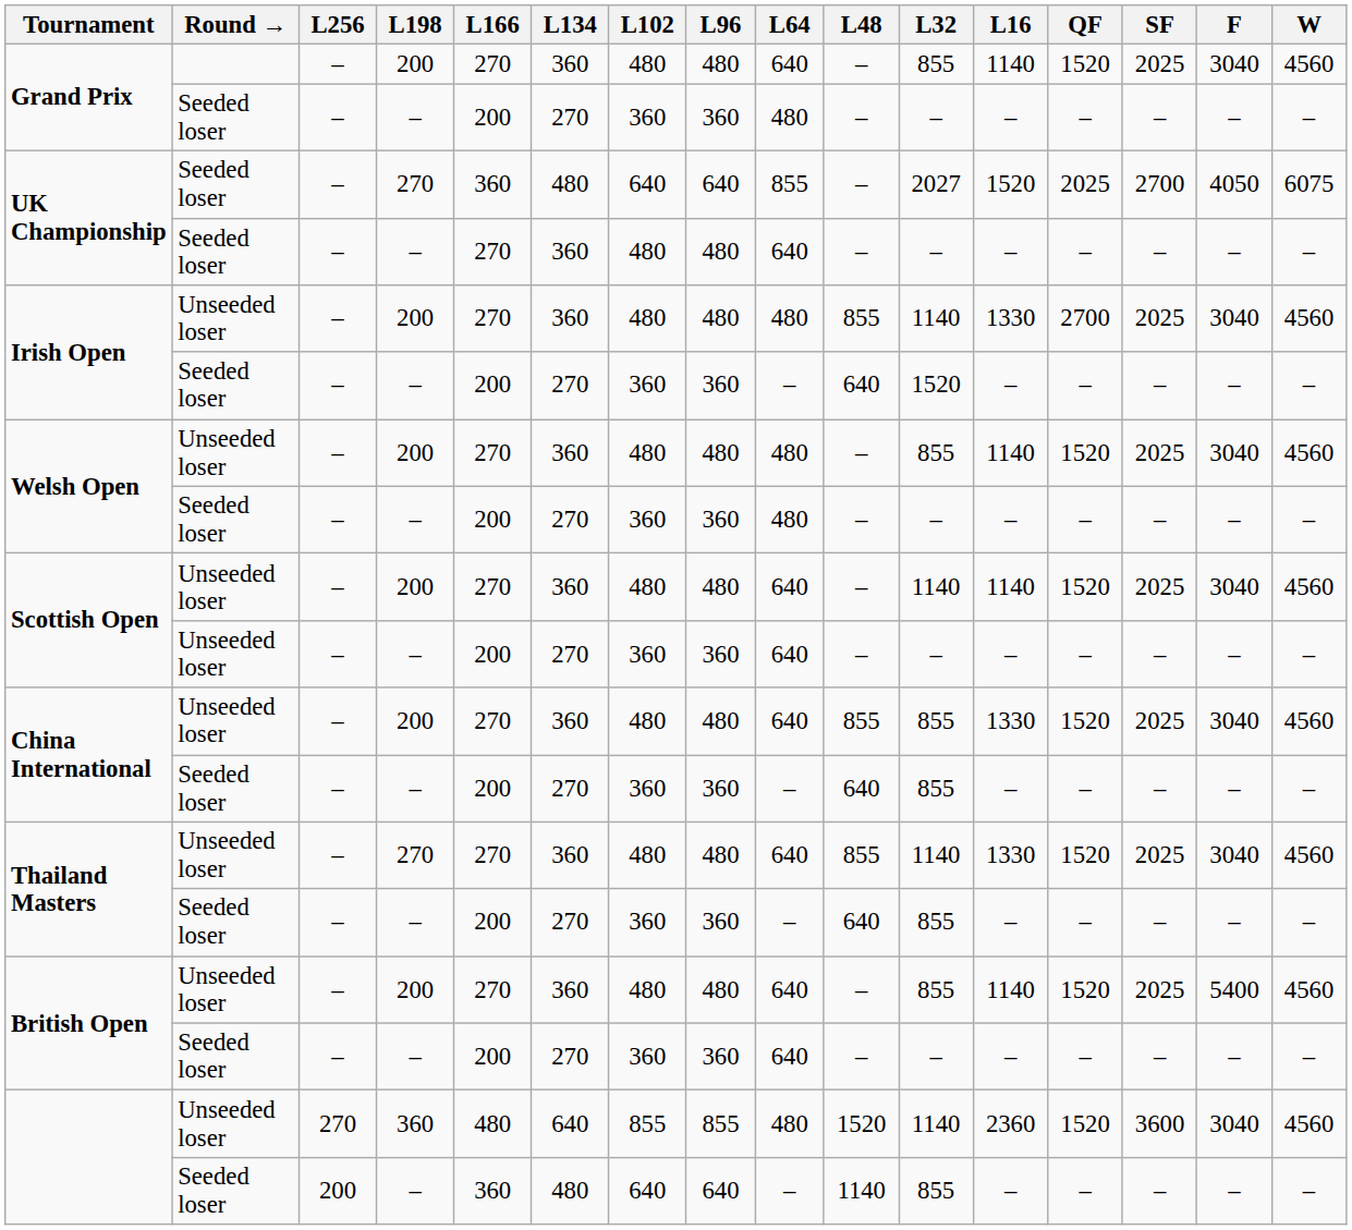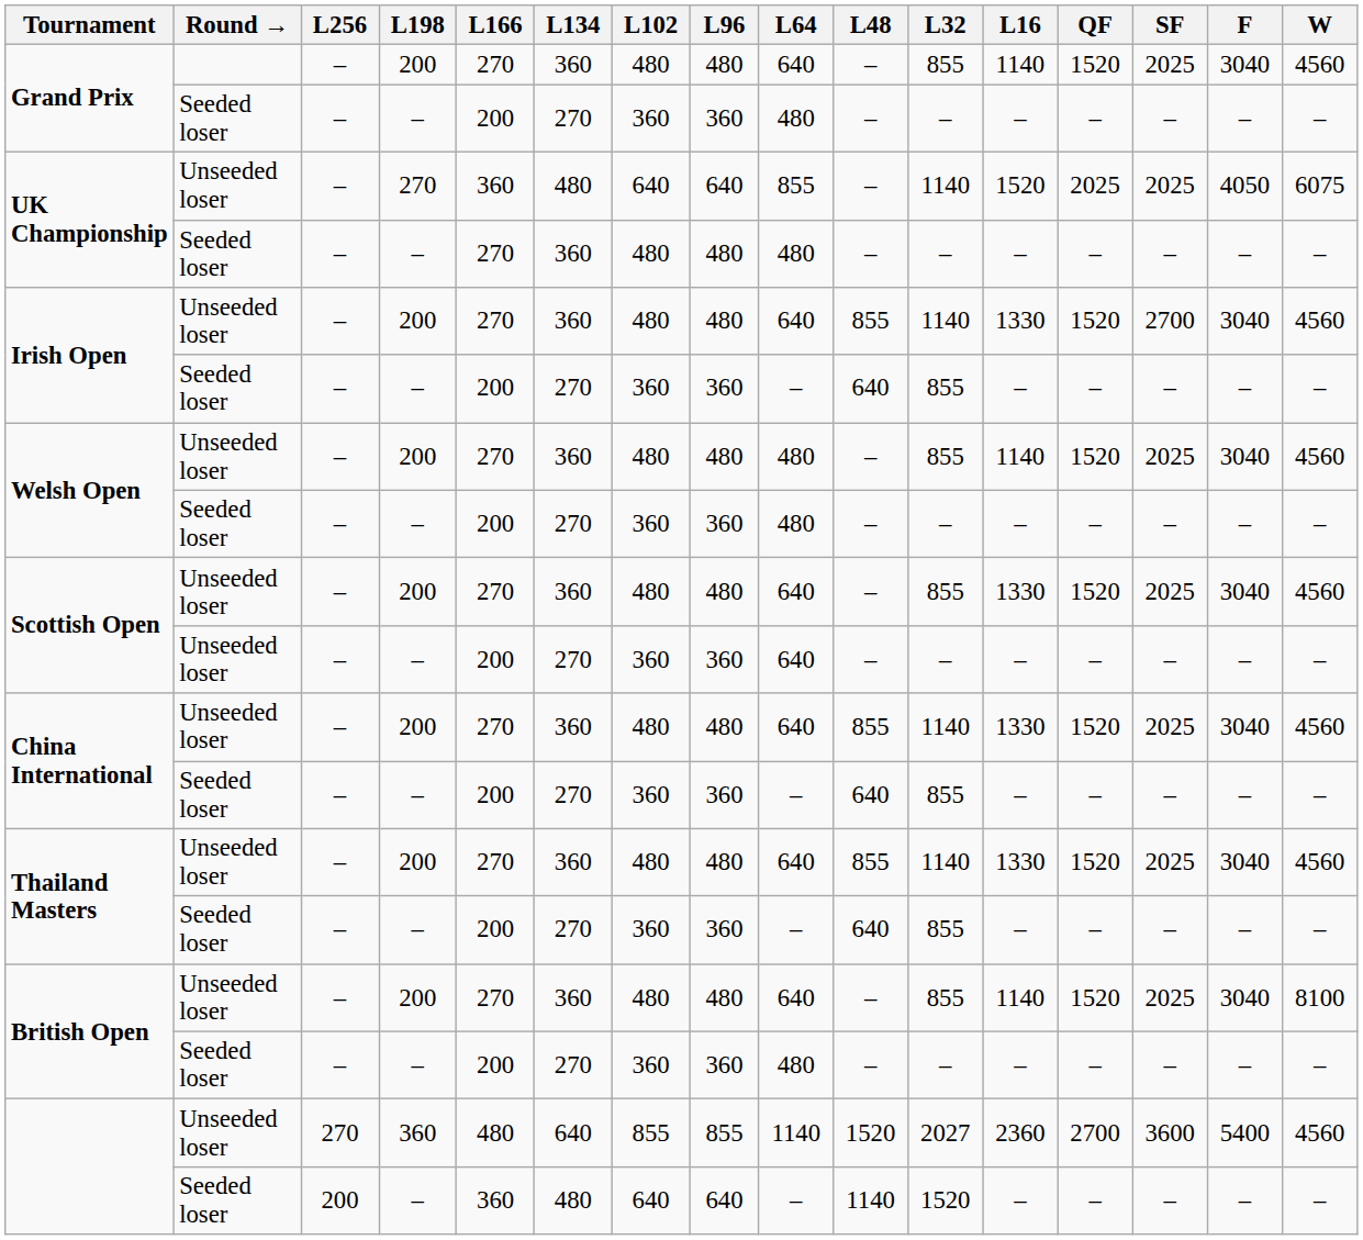 <table class="wikitable" style="font-size: 100%; text-align:center">
 <tr>
 <th width=60>Tournament</th>
 <th width=100>Round →</th>
 <th width=60><strong>L256</strong></th>
 <th width=60><strong>L198</strong></th>
 <th width=60><strong>L166</strong></th>
 <th width=60><strong>L134</strong></th>
 <th width=60><strong>L102</strong></th>
 <th width=60><strong>L96</strong></th>
 <th width=60><strong>L64</strong></th>
 <th width=60><strong>L48</strong></th>
 <th width=60><strong>L32</strong></th>
 <th width=60><strong>L16</strong></th>
 <th width=60><strong>QF</strong></th>
 <th width=60><strong>SF</strong></th>
 <th width=60><strong>F</strong></th>
 <th width=60><strong>W</strong></th>
 </tr>
 <tr>
 <td rowspan="2" align="left"><strong>Grand Prix</strong></td>
 <td align="left"></td>
 <td>–</td>
 <td>200</td>
 <td>270</td>
 <td>360</td>
 <td>480</td>
 <td>480</td>
 <td>640</td>
 <td>–</td>
 <td>855</td>
 <td>1140</td>
 <td>1520</td>
 <td>2025</td>
 <td>3040</td>
 <td>4560</td>
 </tr>
 <tr>
 <td align="left">Seeded loser</td>
 <td>–</td>
 <td>–</td>
 <td>200</td>
 <td>270</td>
 <td>360</td>
 <td>360</td>
 <td>480</td>
 <td>–</td>
 <td>–</td>
 <td>–</td>
 <td>–</td>
 <td>–</td>
 <td>–</td>
 <td>–</td>
 </tr>
 <tr>
 <td rowspan="2" align="left"><strong>UK Championship</strong></td>
-<td align="left">Seeded loser</td>
+<td align="left">Unseeded loser</td>
 <td>–</td>
 <td>270</td>
 <td>360</td>
 <td>480</td>
 <td>640</td>
 <td>640</td>
 <td>855</td>
 <td>–</td>
-<td>2027</td>
+<td>1140</td>
 <td>1520</td>
 <td>2025</td>
-<td>2700</td>
+<td>2025</td>
 <td>4050</td>
 <td>6075</td>
 </tr>
 <tr>
 <td align="left">Seeded loser</td>
 <td>–</td>
 <td>–</td>
 <td>270</td>
 <td>360</td>
 <td>480</td>
 <td>480</td>
-<td>640</td>
+<td>480</td>
 <td>–</td>
 <td>–</td>
 <td>–</td>
 <td>–</td>
 <td>–</td>
 <td>–</td>
 <td>–</td>
 </tr>
 <tr>
 <td rowspan="2" align="left"><strong>Irish Open</strong></td>
 <td align="left">Unseeded loser</td>
 <td>–</td>
 <td>200</td>
 <td>270</td>
 <td>360</td>
 <td>480</td>
 <td>480</td>
-<td>480</td>
+<td>640</td>
 <td>855</td>
 <td>1140</td>
 <td>1330</td>
+<td>1520</td>
 <td>2700</td>
-<td>2025</td>
 <td>3040</td>
 <td>4560</td>
 </tr>
 <tr>
 <td align="left">Seeded loser</td>
 <td>–</td>
 <td>–</td>
 <td>200</td>
 <td>270</td>
 <td>360</td>
 <td>360</td>
 <td>–</td>
 <td>640</td>
-<td>1520</td>
+<td>855</td>
 <td>–</td>
 <td>–</td>
 <td>–</td>
 <td>–</td>
 <td>–</td>
 </tr>
 <tr>
 <td rowspan="2" align="left"><strong>Welsh Open</strong></td>
 <td align="left">Unseeded loser</td>
 <td>–</td>
 <td>200</td>
 <td>270</td>
 <td>360</td>
 <td>480</td>
 <td>480</td>
 <td>480</td>
 <td>–</td>
 <td>855</td>
 <td>1140</td>
 <td>1520</td>
 <td>2025</td>
 <td>3040</td>
 <td>4560</td>
 </tr>
 <tr>
 <td align="left">Seeded loser</td>
 <td>–</td>
 <td>–</td>
 <td>200</td>
 <td>270</td>
 <td>360</td>
 <td>360</td>
 <td>480</td>
 <td>–</td>
 <td>–</td>
 <td>–</td>
 <td>–</td>
 <td>–</td>
 <td>–</td>
 <td>–</td>
 </tr>
 <tr>
 <td rowspan="2" align="left"><strong>Scottish Open</strong></td>
 <td align="left">Unseeded loser</td>
 <td>–</td>
 <td>200</td>
 <td>270</td>
 <td>360</td>
 <td>480</td>
 <td>480</td>
 <td>640</td>
 <td>–</td>
-<td>1140</td>
-<td>1140</td>
+<td>855</td>
+<td>1330</td>
 <td>1520</td>
 <td>2025</td>
 <td>3040</td>
 <td>4560</td>
 </tr>
 <tr>
 <td align="left">Unseeded loser</td>
 <td>–</td>
 <td>–</td>
 <td>200</td>
 <td>270</td>
 <td>360</td>
 <td>360</td>
 <td>640</td>
 <td>–</td>
 <td>–</td>
 <td>–</td>
 <td>–</td>
 <td>–</td>
 <td>–</td>
 <td>–</td>
 </tr>
 <tr>
 <td rowspan="2" align="left"><strong>China International</strong></td>
 <td align="left">Unseeded loser</td>
 <td>–</td>
 <td>200</td>
 <td>270</td>
 <td>360</td>
 <td>480</td>
 <td>480</td>
 <td>640</td>
 <td>855</td>
-<td>855</td>
+<td>1140</td>
 <td>1330</td>
 <td>1520</td>
 <td>2025</td>
 <td>3040</td>
 <td>4560</td>
 </tr>
 <tr>
 <td align="left">Seeded loser</td>
 <td>–</td>
 <td>–</td>
 <td>200</td>
 <td>270</td>
 <td>360</td>
 <td>360</td>
 <td>–</td>
 <td>640</td>
 <td>855</td>
 <td>–</td>
 <td>–</td>
 <td>–</td>
 <td>–</td>
 <td>–</td>
 </tr>
 <tr>
 <td rowspan="2" align="left"><strong>Thailand Masters</strong></td>
 <td align="left">Unseeded loser</td>
 <td>–</td>
-<td>270</td>
+<td>200</td>
 <td>270</td>
 <td>360</td>
 <td>480</td>
 <td>480</td>
 <td>640</td>
 <td>855</td>
 <td>1140</td>
 <td>1330</td>
 <td>1520</td>
 <td>2025</td>
 <td>3040</td>
 <td>4560</td>
 </tr>
 <tr>
 <td align="left">Seeded loser</td>
 <td>–</td>
 <td>–</td>
 <td>200</td>
 <td>270</td>
 <td>360</td>
 <td>360</td>
 <td>–</td>
 <td>640</td>
 <td>855</td>
 <td>–</td>
 <td>–</td>
 <td>–</td>
 <td>–</td>
 <td>–</td>
 </tr>
 <tr>
 <td rowspan="2" align="left"><strong>British Open</strong></td>
 <td align="left">Unseeded loser</td>
 <td>–</td>
 <td>200</td>
 <td>270</td>
 <td>360</td>
 <td>480</td>
 <td>480</td>
 <td>640</td>
 <td>–</td>
 <td>855</td>
 <td>1140</td>
 <td>1520</td>
 <td>2025</td>
-<td>5400</td>
-<td>4560</td>
+<td>3040</td>
+<td>8100</td>
 </tr>
 <tr>
 <td align="left">Seeded loser</td>
 <td>–</td>
 <td>–</td>
 <td>200</td>
 <td>270</td>
 <td>360</td>
 <td>360</td>
-<td>640</td>
+<td>480</td>
 <td>–</td>
 <td>–</td>
 <td>–</td>
 <td>–</td>
 <td>–</td>
 <td>–</td>
 <td>–</td>
 </tr>
 <tr>
 <td rowspan="2" align="left"></td>
 <td align="left">Unseeded loser</td>
 <td>270</td>
 <td>360</td>
 <td>480</td>
 <td>640</td>
 <td>855</td>
 <td>855</td>
-<td>480</td>
+<td>1140</td>
 <td>1520</td>
-<td>1140</td>
+<td>2027</td>
 <td>2360</td>
-<td>1520</td>
+<td>2700</td>
 <td>3600</td>
-<td>3040</td>
+<td>5400</td>
 <td>4560</td>
 </tr>
 <tr>
 <td align="left">Seeded loser</td>
 <td>200</td>
 <td>–</td>
 <td>360</td>
 <td>480</td>
 <td>640</td>
 <td>640</td>
 <td>–</td>
 <td>1140</td>
-<td>855</td>
+<td>1520</td>
 <td>–</td>
 <td>–</td>
 <td>–</td>
 <td>–</td>
 <td>–</td>
 </tr>
 </table>
